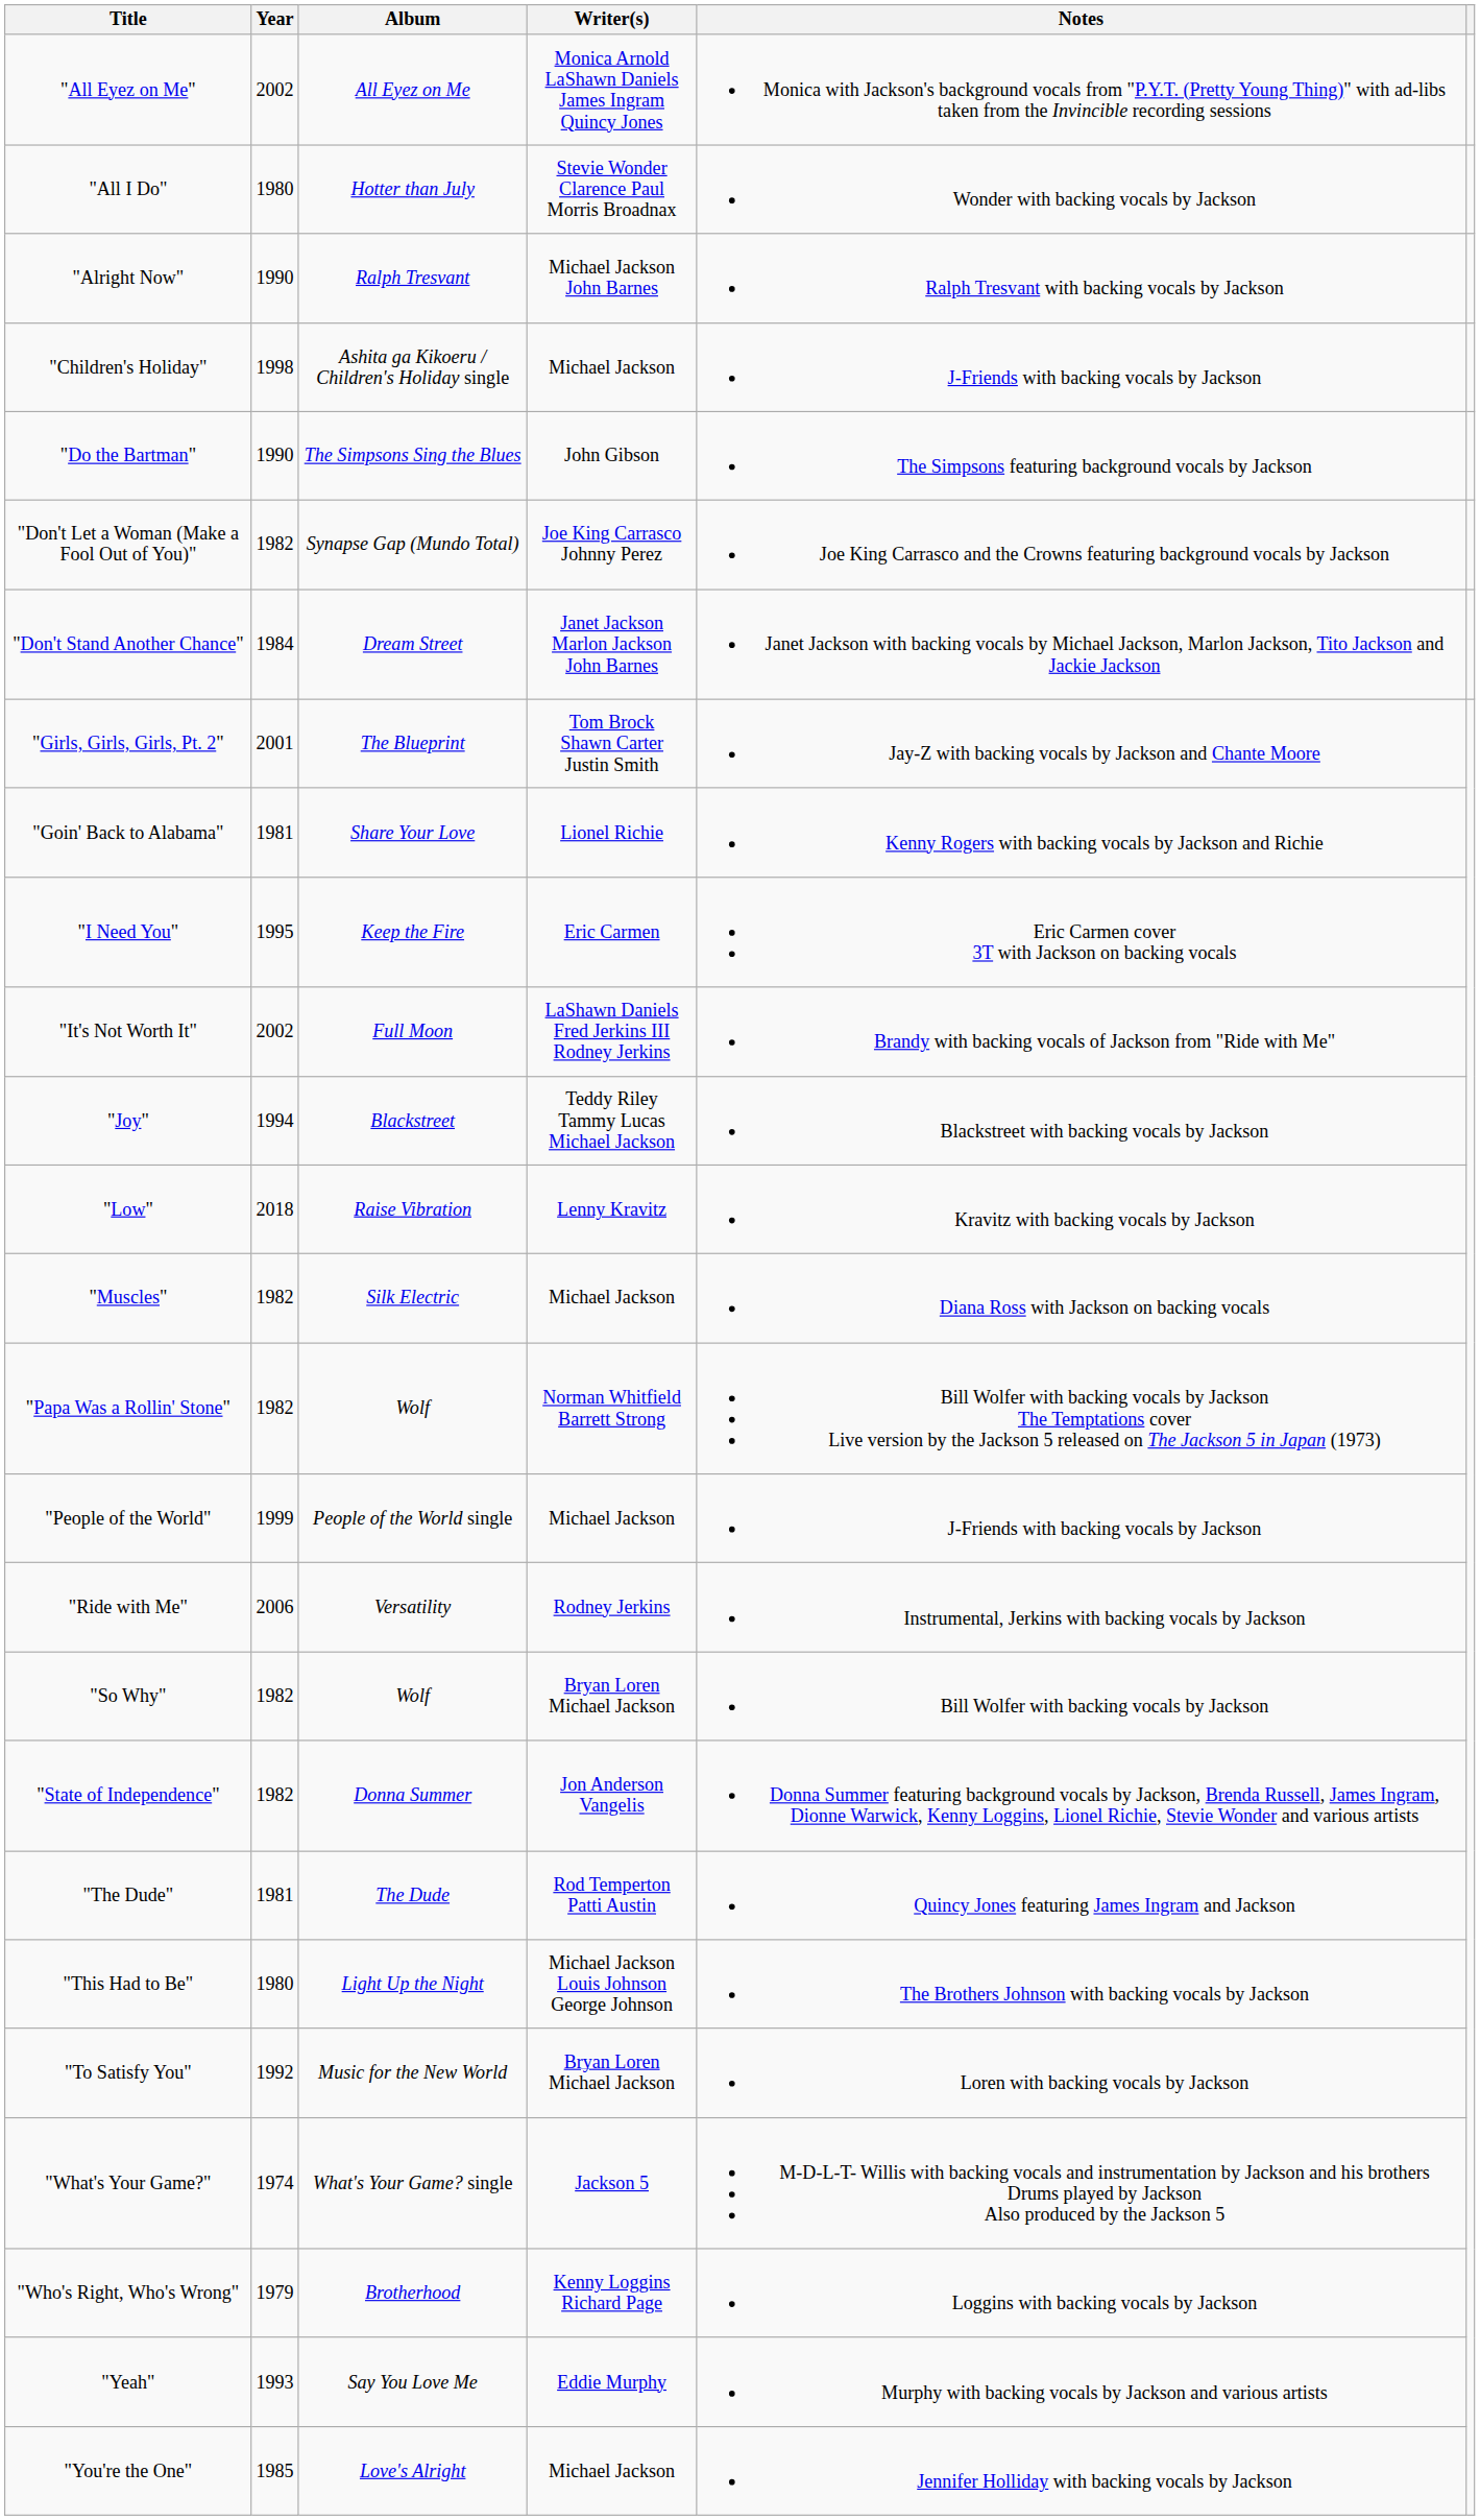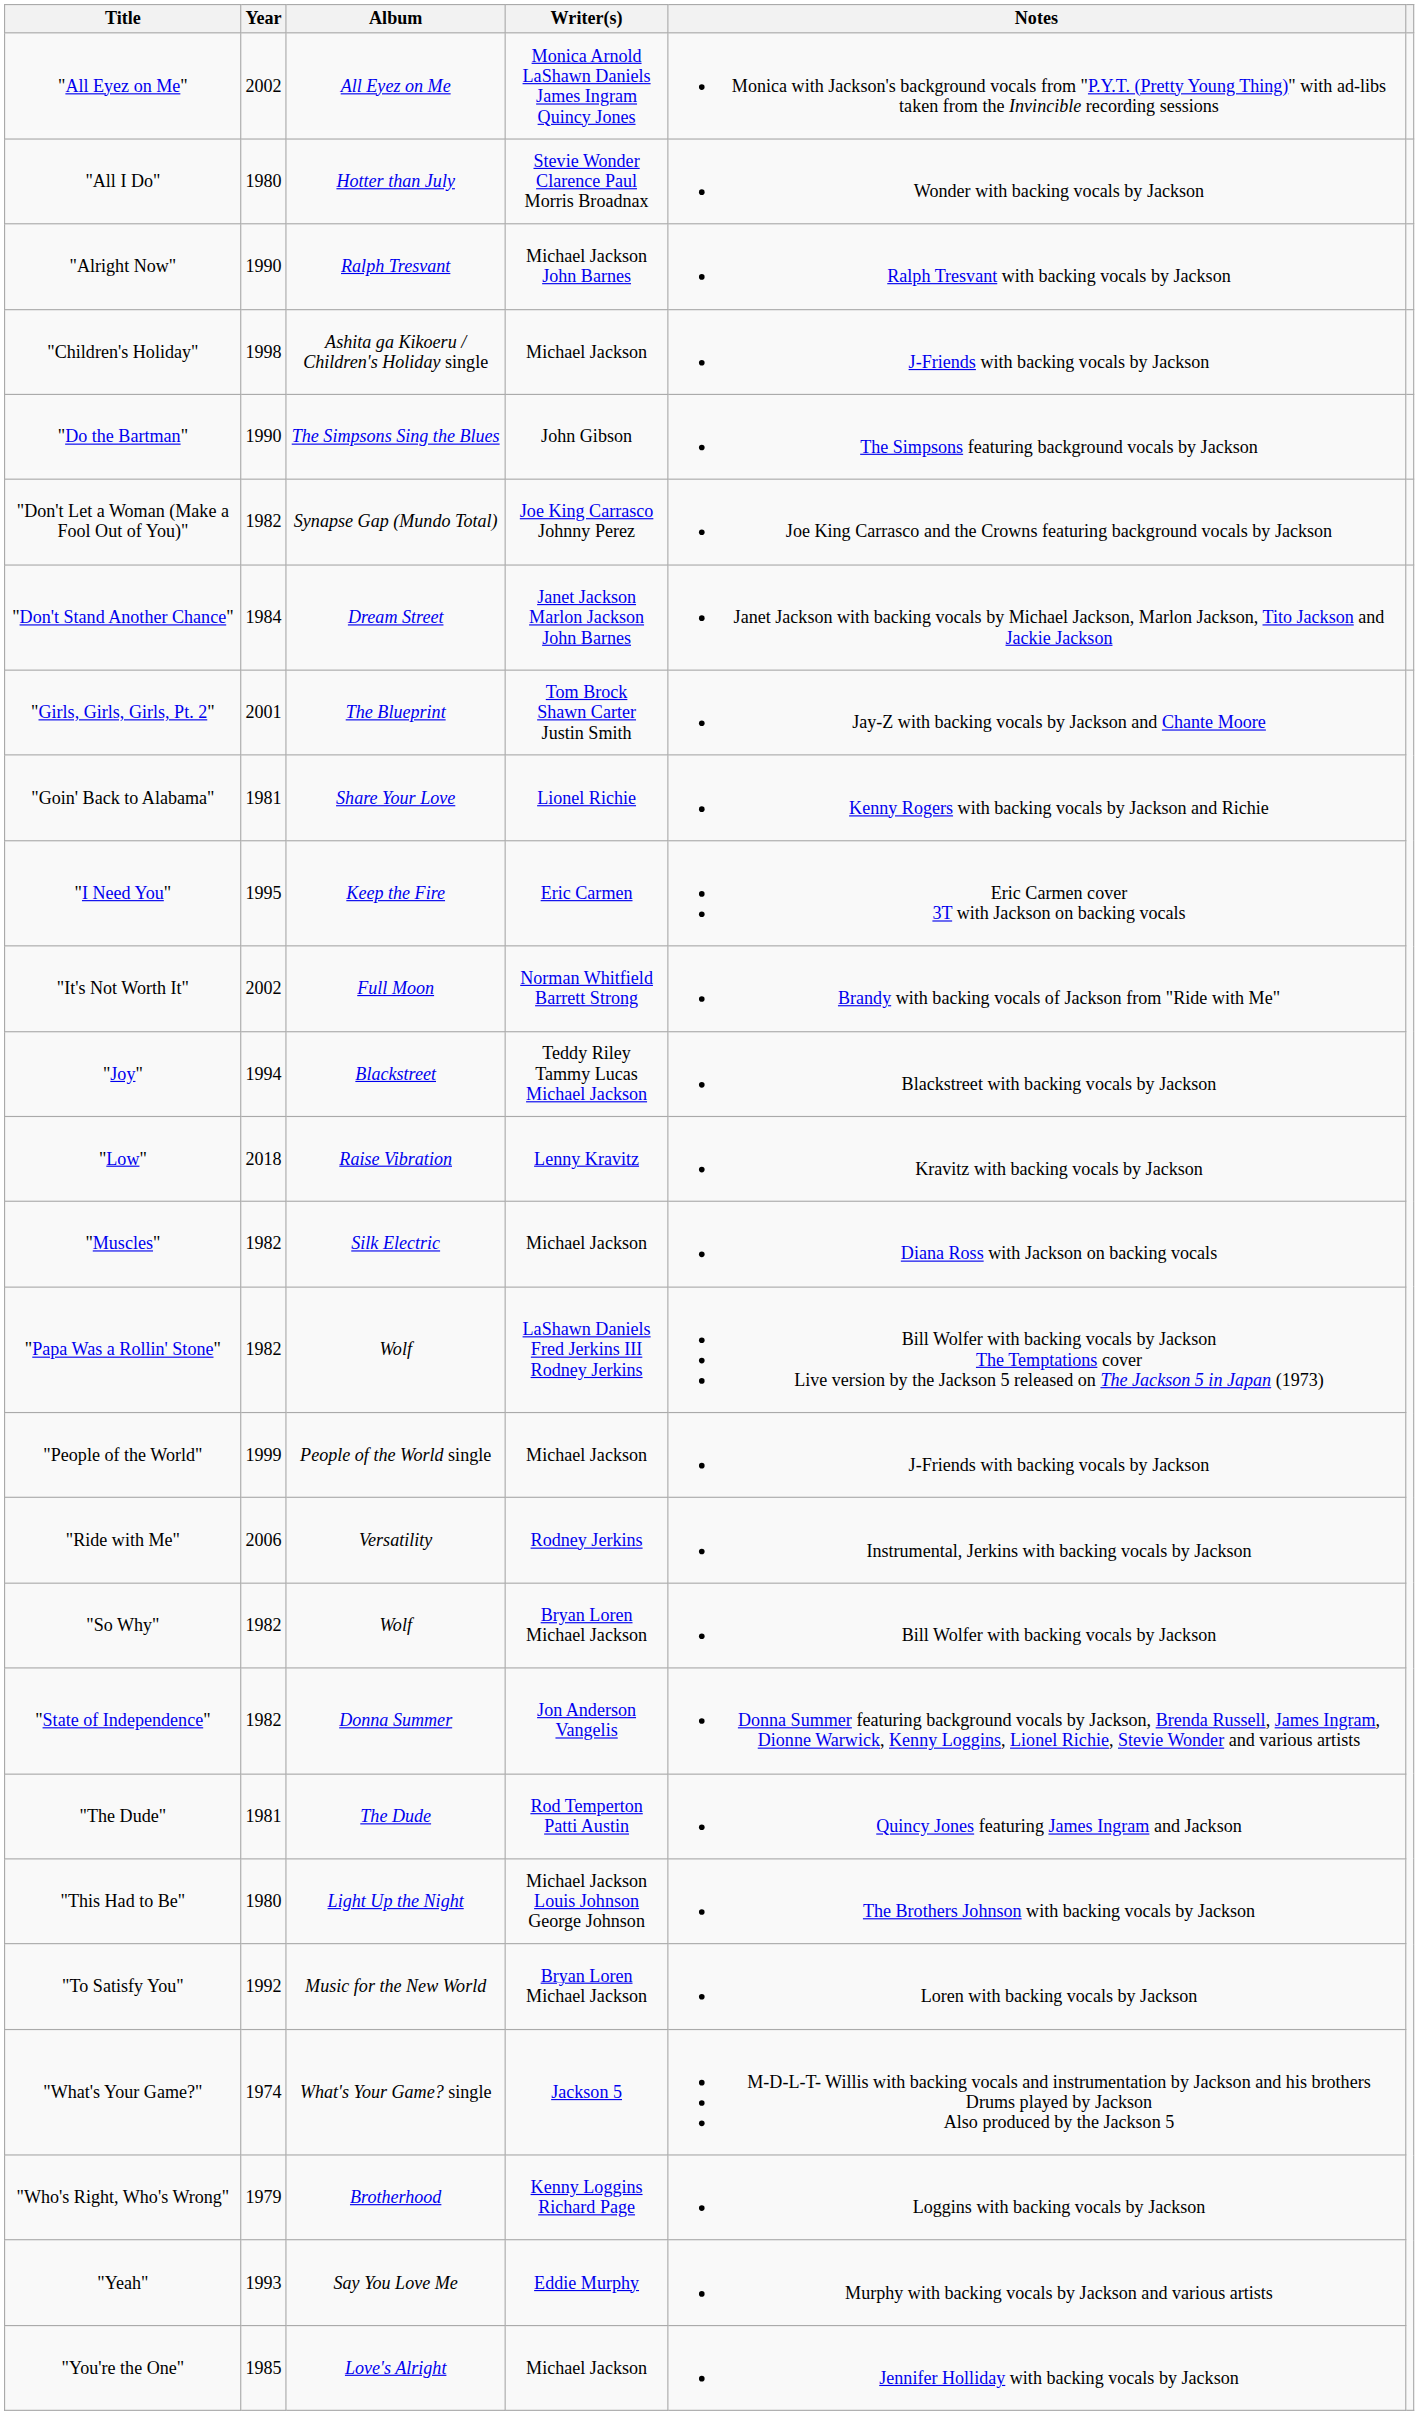 <table class="wikitable sortable plainrowheaders" style="text-align:center;">
 <tr>
 <th scope="col">Title</th>
 <th scope="col">Year</th>
 <th scope="col">Album</th>
 <th scope="col">Writer(s)</th>
 <th scope="col" class="unsortable">Notes</th>
 <th scope="col" class="unsortable"></th>
 </tr>
 <tr>
 <td>"<a href='#'>All Eyez on Me</a>"</td>
 <td>2002</td>
 <td><em><a href='#'>All Eyez on Me</a></em></td>
 <td><a href='#'>Monica Arnold</a><br><a href='#'>LaShawn Daniels</a><br><a href='#'>James Ingram</a><br><a href='#'>Quincy Jones</a></td>
 <td><br><ul><li>Monica with Jackson's background vocals from "<a href='#'>P.Y.T. (Pretty Young Thing)</a>" with ad-libs taken from the <em>Invincible</em> recording sessions</li></ul></td>
 <td></td>
 </tr>
 <tr>
 <td>"All I Do"</td>
 <td>1980</td>
 <td><em><a href='#'>Hotter than July</a></em></td>
 <td><a href='#'>Stevie Wonder</a><br><a href='#'>Clarence Paul</a><br>Morris Broadnax</td>
 <td><br><ul><li>Wonder with backing vocals by Jackson</li></ul></td>
 <td></td>
 </tr>
 <tr>
 <td>"Alright Now"</td>
 <td>1990</td>
 <td><em><a href='#'>Ralph Tresvant</a></em></td>
 <td>Michael Jackson<br><a href='#'>John Barnes</a></td>
 <td><br><ul><li><a href='#'>Ralph Tresvant</a> with backing vocals by Jackson</li></ul></td>
 <td></td>
 </tr>
 <tr>
 <td>"Children's Holiday"</td>
 <td>1998</td>
 <td><em>Ashita ga Kikoeru / Children's Holiday</em> single</td>
 <td>Michael Jackson</td>
 <td><br><ul><li><a href='#'>J-Friends</a> with backing vocals by Jackson</li></ul></td>
 <td></td>
 </tr>
 <tr>
 <td>"<a href='#'>Do the Bartman</a>"</td>
 <td>1990</td>
 <td><em><a href='#'>The Simpsons Sing the Blues</a></em></td>
 <td>John Gibson</td>
 <td><br><ul><li><a href='#'>The Simpsons</a> featuring background vocals by Jackson</li></ul></td>
 <td></td>
 </tr>
 <tr>
 <td>"Don't Let a Woman (Make a Fool Out of You)"</td>
 <td>1982</td>
 <td><em>Synapse Gap (Mundo Total)</em></td>
 <td><a href='#'>Joe King Carrasco</a><br>Johnny Perez</td>
 <td><br><ul><li>Joe King Carrasco and the Crowns featuring background vocals by Jackson</li></ul></td>
 <td></td>
 </tr>
 <tr>
 <td>"<a href='#'>Don't Stand Another Chance</a>"</td>
 <td>1984</td>
 <td><em><a href='#'>Dream Street</a></em></td>
 <td><a href='#'>Janet Jackson</a><br><a href='#'>Marlon Jackson</a><br><a href='#'>John Barnes</a></td>
 <td><br><ul><li>Janet Jackson with backing vocals by Michael Jackson, Marlon Jackson, <a href='#'>Tito Jackson</a> and <a href='#'>Jackie Jackson</a></li></ul></td>
 <td></td>
 </tr>
 <tr>
 <td>"<a href='#'>Girls, Girls, Girls, Pt. 2</a>"</td>
 <td>2001</td>
 <td><em><a href='#'>The Blueprint</a></em></td>
 <td><a href='#'>Tom Brock</a><br><a href='#'>Shawn Carter</a><br>Justin Smith</td>
 <td><br><ul><li>Jay-Z with backing vocals by Jackson and <a href='#'>Chante Moore</a></li></ul></td>
 </tr>
 <tr>
 <td>"Goin' Back to Alabama"</td>
 <td>1981</td>
 <td><em><a href='#'>Share Your Love</a></em></td>
 <td><a href='#'>Lionel Richie</a></td>
 <td><br><ul><li><a href='#'>Kenny Rogers</a> with backing vocals by Jackson and Richie</li></ul></td>
 </tr>
 <tr>
 <td>"<a href='#'>I Need You</a>"</td>
 <td>1995</td>
 <td><em><a href='#'>Keep the Fire</a></em></td>
 <td><a href='#'>Eric Carmen</a></td>
 <td><br><ul><li>Eric Carmen cover</li><li><a href='#'>3T</a> with Jackson on backing vocals</li></ul></td>
 </tr>
 <tr>
 <td>"It's Not Worth It"</td>
 <td>2002</td>
 <td><em><a href='#'>Full Moon</a></em></td>
-<td><a href='#'>LaShawn Daniels</a><br><a href='#'>Fred Jerkins III</a><br><a href='#'>Rodney Jerkins</a></td>
+<td><a href='#'>Norman Whitfield</a><br><a href='#'>Barrett Strong</a></td>
 <td><br><ul><li><a href='#'>Brandy</a> with backing vocals of Jackson from "Ride with Me"</li></ul></td>
 </tr>
 <tr>
 <td>"<a href='#'>Joy</a>"</td>
 <td>1994</td>
 <td><em><a href='#'>Blackstreet</a></em></td>
 <td>Teddy Riley<br>Tammy Lucas <a href='#'>Michael Jackson</a></td>
 <td><br><ul><li>Blackstreet with backing vocals by Jackson</li></ul></td>
 </tr>
 <tr>
 <td>"<a href='#'>Low</a>"</td>
 <td>2018</td>
 <td><em><a href='#'>Raise Vibration</a></em></td>
 <td><a href='#'>Lenny Kravitz</a></td>
 <td><br><ul><li>Kravitz with backing vocals by Jackson</li></ul></td>
 </tr>
 <tr>
 <td>"<a href='#'>Muscles</a>"</td>
 <td>1982</td>
 <td><em><a href='#'>Silk Electric</a></em></td>
 <td>Michael Jackson</td>
 <td><br><ul><li><a href='#'>Diana Ross</a> with Jackson on backing vocals</li></ul></td>
 </tr>
 <tr>
 <td>"<a href='#'>Papa Was a Rollin' Stone</a>"</td>
 <td>1982</td>
 <td><em>Wolf</em></td>
-<td><a href='#'>Norman Whitfield</a><br><a href='#'>Barrett Strong</a></td>
+<td><a href='#'>LaShawn Daniels</a><br><a href='#'>Fred Jerkins III</a><br><a href='#'>Rodney Jerkins</a></td>
 <td><br><ul><li>Bill Wolfer with backing vocals by Jackson</li><li><a href='#'>The Temptations</a> cover</li><li>Live version by the Jackson 5 released on <em><a href='#'>The Jackson 5 in Japan</a></em> (1973)</li></ul></td>
 </tr>
 <tr>
 <td>"People of the World"</td>
 <td>1999</td>
 <td><em>People of the World</em> single</td>
 <td>Michael Jackson</td>
 <td><br><ul><li>J-Friends with backing vocals by Jackson</li></ul></td>
 </tr>
 <tr>
 <td>"Ride with Me"</td>
 <td>2006</td>
 <td><em>Versatility</em></td>
 <td><a href='#'>Rodney Jerkins</a></td>
 <td><br><ul><li>Instrumental, Jerkins with backing vocals by Jackson</li></ul></td>
 </tr>
 <tr>
 <td>"So Why"</td>
 <td>1982</td>
 <td><em>Wolf</em></td>
 <td><a href='#'>Bryan Loren</a><br>Michael Jackson</td>
 <td><br><ul><li>Bill Wolfer with backing vocals by Jackson</li></ul></td>
 </tr>
 <tr>
 <td>"<a href='#'>State of Independence</a>"</td>
 <td>1982</td>
 <td><em><a href='#'>Donna Summer</a></em></td>
 <td><a href='#'>Jon Anderson</a><br><a href='#'>Vangelis</a></td>
 <td><br><ul><li><a href='#'>Donna Summer</a> featuring background vocals by Jackson, <a href='#'>Brenda Russell</a>, <a href='#'>James Ingram</a>, <a href='#'>Dionne Warwick</a>, <a href='#'>Kenny Loggins</a>, <a href='#'>Lionel Richie</a>, <a href='#'>Stevie Wonder</a> and various artists</li></ul></td>
 </tr>
 <tr>
 <td>"The Dude"</td>
 <td>1981</td>
 <td><em><a href='#'>The Dude</a></em></td>
 <td><a href='#'>Rod Temperton</a><br><a href='#'>Patti Austin</a></td>
 <td><br><ul><li><a href='#'>Quincy Jones</a> featuring <a href='#'>James Ingram</a> and Jackson</li></ul></td>
 </tr>
 <tr>
 <td>"This Had to Be"</td>
 <td>1980</td>
 <td><em><a href='#'>Light Up the Night</a></em></td>
 <td>Michael Jackson<br><a href='#'>Louis Johnson</a><br>George Johnson</td>
 <td><br><ul><li><a href='#'>The Brothers Johnson</a> with backing vocals by Jackson</li></ul></td>
 </tr>
 <tr>
 <td>"To Satisfy You"</td>
 <td>1992</td>
 <td><em>Music for the New World</em></td>
 <td><a href='#'>Bryan Loren</a><br>Michael Jackson</td>
 <td><br><ul><li>Loren with backing vocals by Jackson</li></ul></td>
 </tr>
 <tr>
 <td>"What's Your Game?"</td>
 <td>1974</td>
 <td><em>What's Your Game?</em> single</td>
 <td><a href='#'>Jackson 5</a></td>
 <td><br><ul><li>M-D-L-T- Willis with backing vocals and instrumentation by Jackson and his brothers</li><li>Drums played by Jackson</li><li>Also produced by the Jackson 5</li></ul></td>
 </tr>
 <tr>
 <td>"Who's Right, Who's Wrong"</td>
 <td>1979</td>
 <td><em><a href='#'>Brotherhood</a></em></td>
 <td><a href='#'>Kenny Loggins</a><br><a href='#'>Richard Page</a></td>
 <td><br><ul><li>Loggins with backing vocals by Jackson</li></ul></td>
 </tr>
 <tr>
 <td>"Yeah"</td>
 <td>1993</td>
 <td><em>Say You Love Me</em></td>
 <td><a href='#'>Eddie Murphy</a></td>
 <td><br><ul><li>Murphy with backing vocals by Jackson and various artists</li></ul></td>
 </tr>
 <tr>
 <td>"You're the One"</td>
 <td>1985</td>
 <td><em><a href='#'>Love's Alright</a></em></td>
 <td>Michael Jackson</td>
 <td><br><ul><li><a href='#'>Jennifer Holliday</a> with backing vocals by Jackson</li></ul></td>
 </tr>
 </table>
